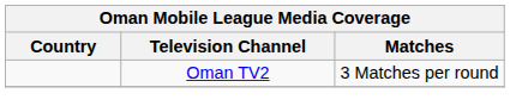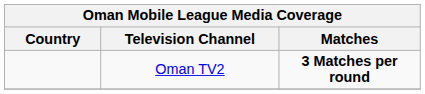 <table class="wikitable" style="text-align:center">
 <tr>
 <th colspan=3>Oman Mobile League Media Coverage</th>
 </tr>
 <tr>
 <th style="width:100px;">Country</th>
 <th style="width:190px;">Television Channel</th>
 <th style="width:150px;">Matches</th>
 </tr>
 <tr>
 <td></td>
 <td><a href='#'>Oman TV2</a></td>
-<td>3 Matches per round</td>
+<td><strong>3 Matches per round</strong></td>
 </tr>
 <tr>
 </tr>
 </table>
